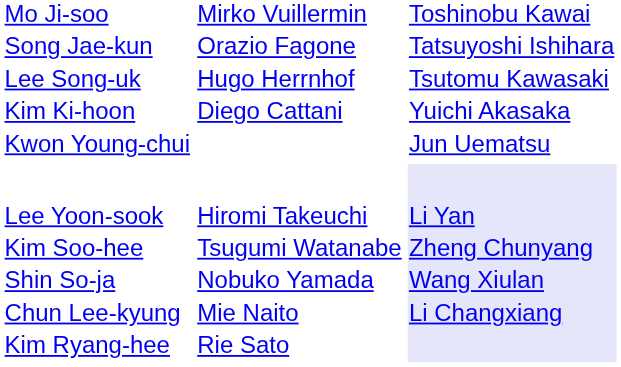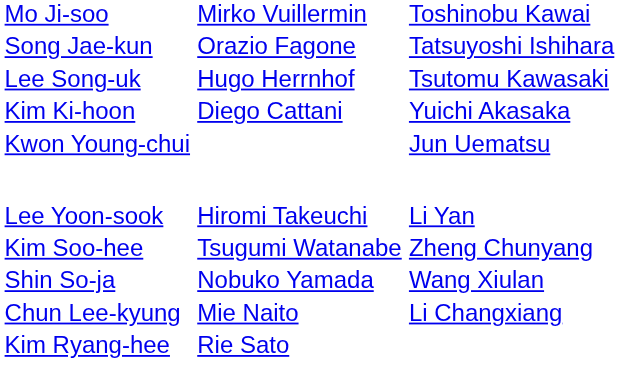 <table>
 <tr>
 <th scope=row style="text-align:left"></th>
 <td valign="top"><strong></strong><br><small><a href='#'>Mo Ji-soo</a><br><a href='#'>Song Jae-kun</a><br><a href='#'>Lee Song-uk</a><br><a href='#'>Kim Ki-hoon</a><br><a href='#'>Kwon Young-chui</a></small></td>
 <td valign="top"><strong></strong><br><small><a href='#'>Mirko Vuillermin</a><br><a href='#'>Orazio Fagone</a><br><a href='#'>Hugo Herrnhof</a><br><a href='#'>Diego Cattani</a></small></td>
 <td valign="top"><strong></strong><br><small><a href='#'>Toshinobu Kawai</a><br><a href='#'>Tatsuyoshi Ishihara</a><br><a href='#'>Tsutomu Kawasaki</a><br><a href='#'>Yuichi Akasaka</a><br><a href='#'>Jun Uematsu</a></small></td>
 </tr>
 <tr>
 <th scope=row style="text-align:left"></th>
 <td valign="top"><strong></strong><br><small><a href='#'>Lee Yoon-sook</a><br><a href='#'>Kim Soo-hee</a><br><a href='#'>Shin So-ja</a><br><a href='#'>Chun Lee-kyung</a><br><a href='#'>Kim Ryang-hee</a></small></td>
 <td valign="top"><strong></strong><br><small><a href='#'>Hiromi Takeuchi</a><br><a href='#'>Tsugumi Watanabe</a><br><a href='#'>Nobuko Yamada</a><br><a href='#'>Mie Naito</a><br><a href='#'>Rie Sato</a></small></td>
-<td valign="top" style="background: lavender;"><strong></strong><br><small><a href='#'>Li Yan</a><br><a href='#'>Zheng Chunyang</a><br><a href='#'>Wang Xiulan</a><br><a href='#'>Li Changxiang</a></small></td>
+<td valign="top"><strong></strong><br><small><a href='#'>Li Yan</a><br><a href='#'>Zheng Chunyang</a><br><a href='#'>Wang Xiulan</a><br><a href='#'>Li Changxiang</a></small></td>
 </tr>
 </table>
